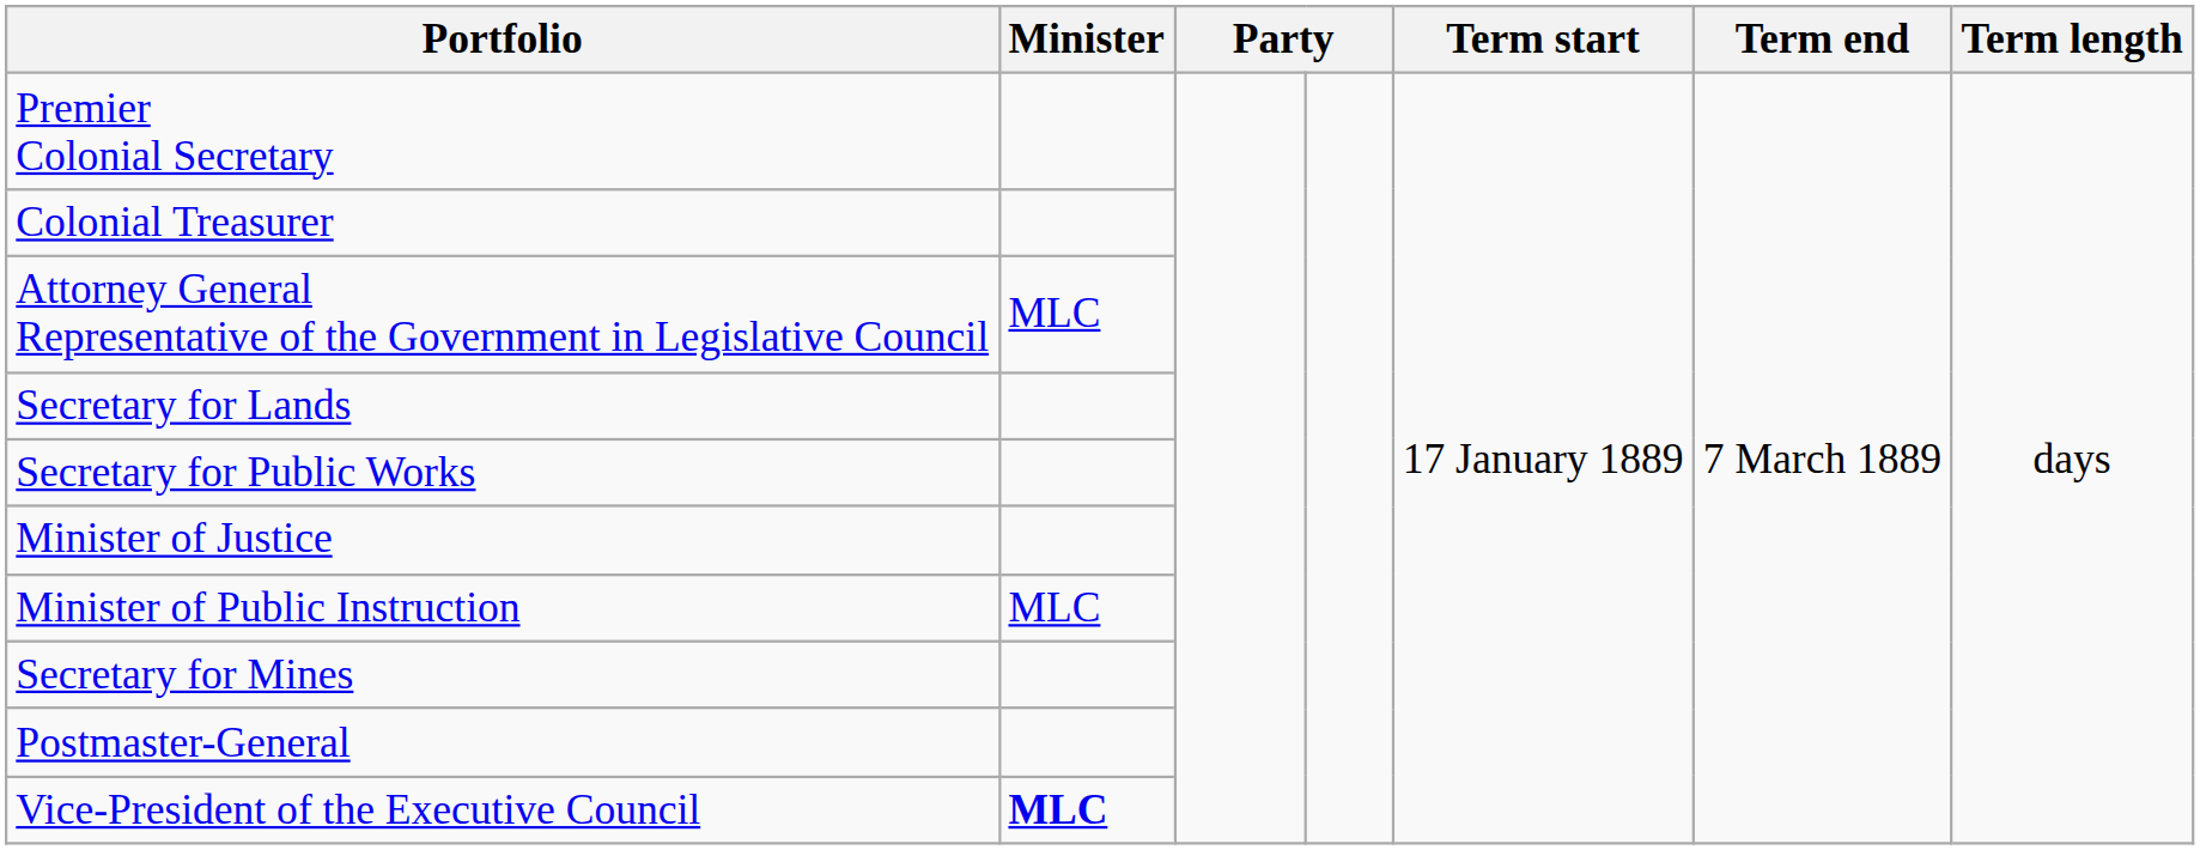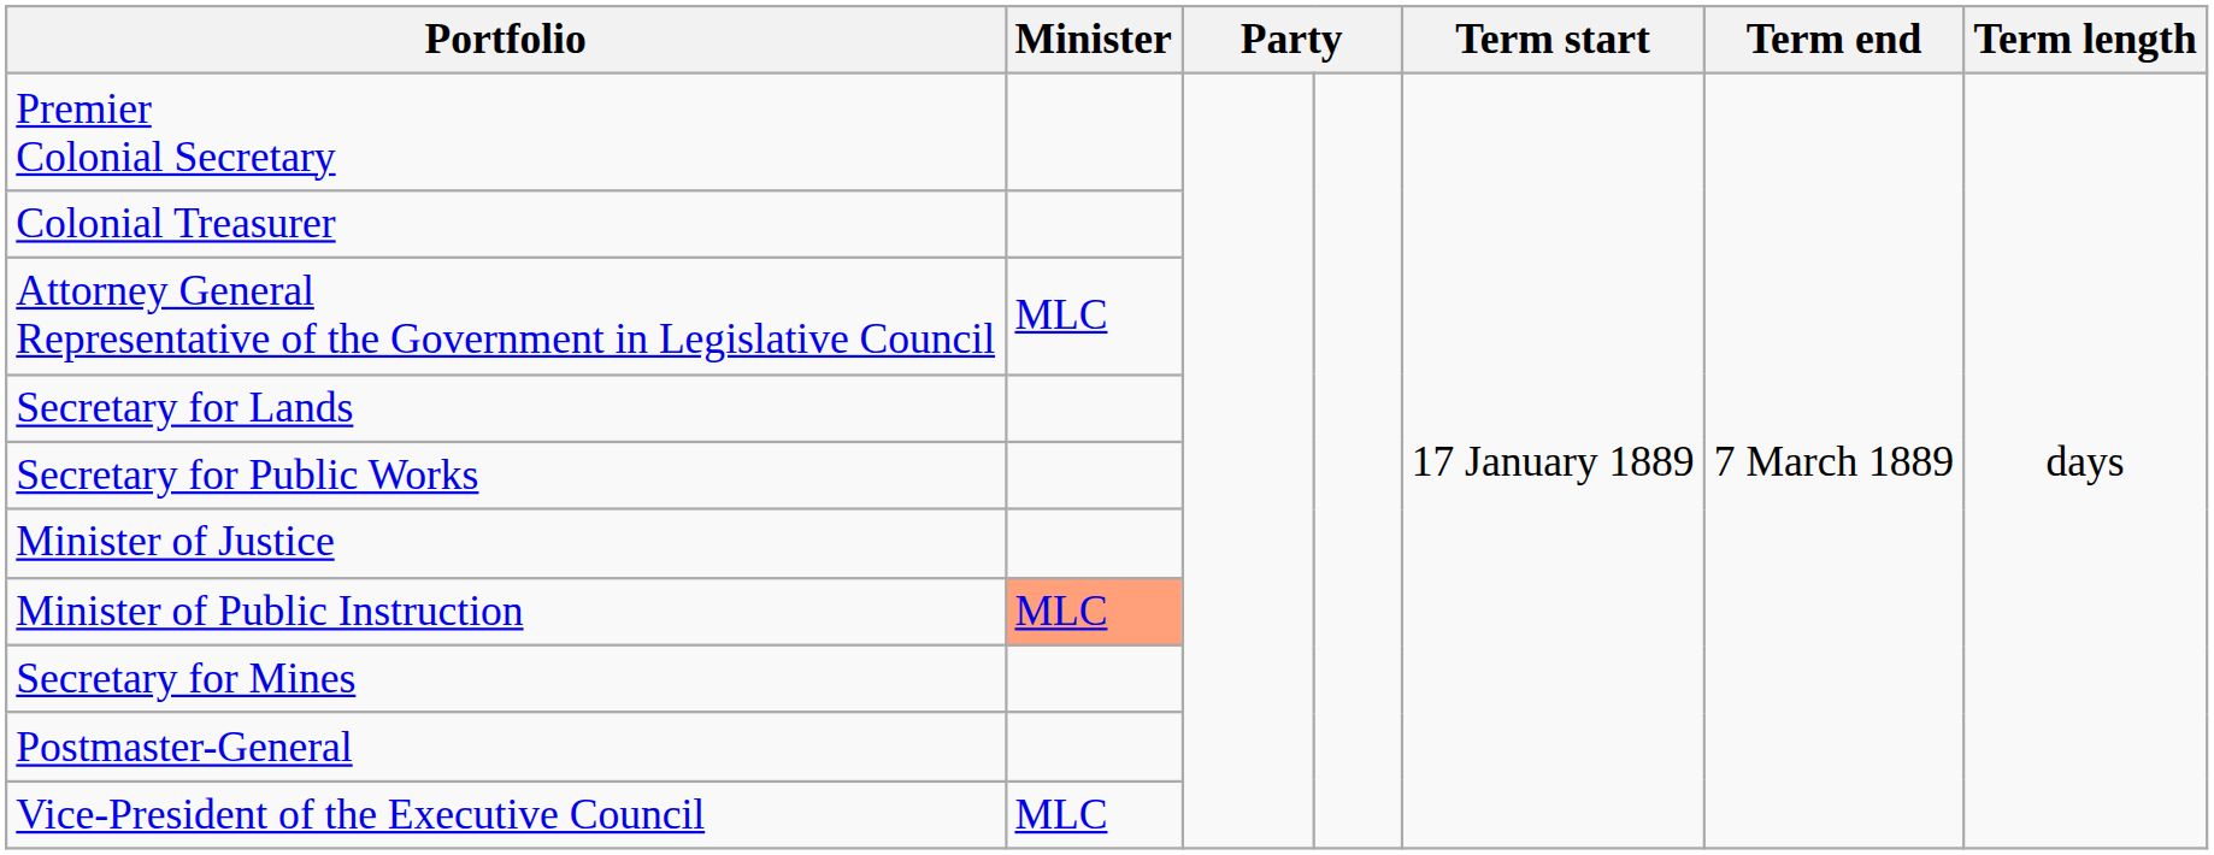 <table class="wikitable sortable">
 <tr>
 <th>Portfolio</th>
 <th>Minister</th>
 <th colspan="2" width=10%>Party</th>
 <th>Term start</th>
 <th>Term end</th>
 <th>Term length</th>
 </tr>
 <tr>
 <td><a href='#'>Premier</a><br><a href='#'>Colonial Secretary</a></td>
 <td></td>
 <td rowspan="10" > </td>
 <td rowspan="10"></td>
 <td rowspan="10" align="center">17 January 1889</td>
 <td rowspan="10" align="center">7 March 1889</td>
 <td rowspan="10" align="center"> days</td>
 </tr>
 <tr>
 <td><a href='#'>Colonial Treasurer</a></td>
 <td></td>
 </tr>
 <tr>
 <td><a href='#'>Attorney General</a><br><a href='#'>Representative of the Government in Legislative Council</a></td>
 <td> <a href='#'>MLC</a></td>
 </tr>
 <tr>
 <td><a href='#'>Secretary for Lands</a></td>
 <td></td>
 </tr>
 <tr>
 <td><a href='#'>Secretary for Public Works</a></td>
 <td></td>
 </tr>
 <tr>
 <td><a href='#'>Minister of Justice</a></td>
 <td></td>
 </tr>
 <tr>
 <td><a href='#'>Minister of Public Instruction</a></td>
-<td> <a href='#'>MLC</a></td>
+<td style="background: lightsalmon;"> <a href='#'>MLC</a></td>
 </tr>
 <tr>
 <td><a href='#'>Secretary for Mines</a></td>
 <td></td>
 </tr>
 <tr>
 <td><a href='#'>Postmaster-General</a></td>
 <td></td>
 </tr>
 <tr>
 <td><a href='#'>Vice-President of the Executive Council</a></td>
-<td><strong> <a href='#'>MLC</a></strong></td>
+<td> <a href='#'>MLC</a></td>
 </tr>
 </table>
